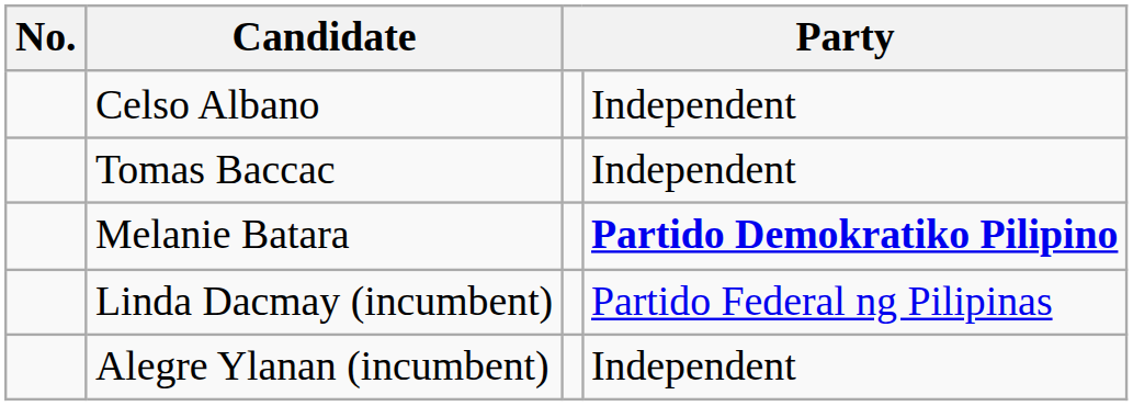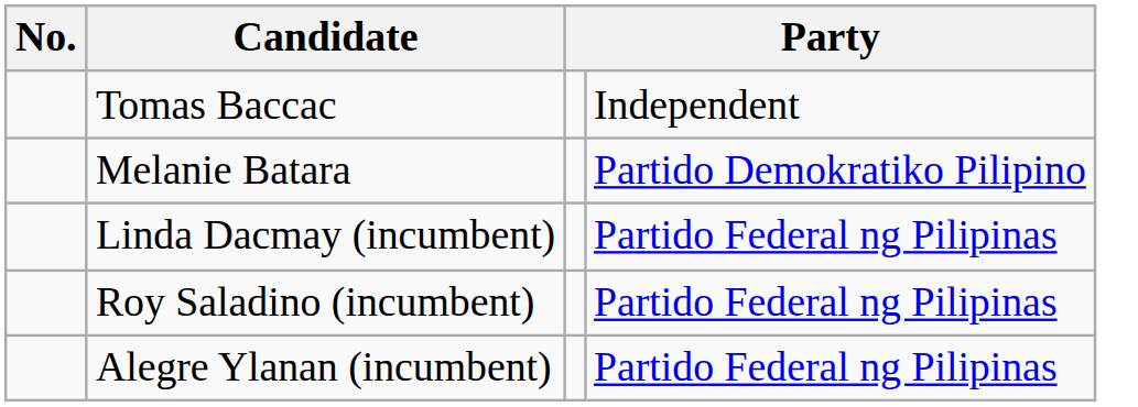 <table class="wikitable sortable" style="text-align:left;">
 <tr>
 <th>No.</th>
 <th>Candidate</th>
 <th colspan="2">Party</th>
-</tr>
-<tr>
-<td></td>
-<td>Celso Albano</td>
-<td></td>
-<td>Independent</td>
 </tr>
 <tr>
 <td></td>
 <td>Tomas Baccac</td>
 <td></td>
 <td>Independent</td>
 </tr>
 <tr>
 <td></td>
 <td>Melanie Batara</td>
 <td></td>
-<td><strong><a href='#'>Partido Demokratiko Pilipino</a></strong></td>
+<td><a href='#'>Partido Demokratiko Pilipino</a></td>
 </tr>
 <tr>
 <td></td>
 <td>Linda Dacmay (incumbent)</td>
 <td></td>
 <td><a href='#'>Partido Federal ng Pilipinas</a></td>
 </tr>
 <tr>
 <td></td>
+<td>Roy Saladino (incumbent)</td>
+<td></td>
+<td><a href='#'>Partido Federal ng Pilipinas</a></td>
+</tr>
+<tr>
+<td></td>
 <td>Alegre Ylanan (incumbent)</td>
 <td></td>
-<td>Independent</td>
+<td><a href='#'>Partido Federal ng Pilipinas</a></td>
 </tr>
 </table>
